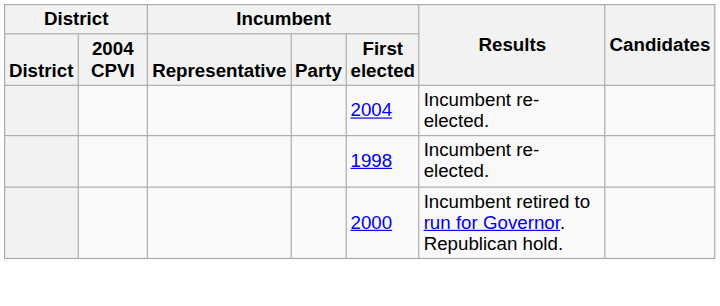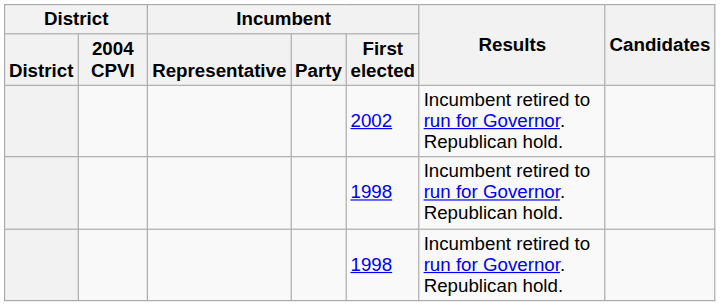 <table class="wikitable sortable">
 <tr>
 <th colspan=2>District</th>
 <th colspan=3>Incumbent</th>
 <th rowspan=2>Results</th>
 <th rowspan=2>Candidates</th>
 </tr>
 <tr valign=bottom>
 <th>District</th>
 <th>2004 CPVI</th>
 <th>Representative</th>
 <th>Party</th>
 <th>First<br>elected</th>
 </tr>
 <tr>
 <th></th>
 <td></td>
 <td></td>
 <td></td>
-<td><a href='#'>2004</a></td>
-<td>Incumbent re-elected.</td>
+<td><a href='#'>2002</a></td>
+<td>Incumbent retired to <a href='#'>run for Governor</a>.<br>Republican hold.</td>
 <td nowrap></td>
 </tr>
 <tr>
 <th></th>
 <td></td>
 <td></td>
 <td></td>
 <td><a href='#'>1998</a></td>
-<td>Incumbent re-elected.</td>
+<td>Incumbent retired to <a href='#'>run for Governor</a>.<br>Republican hold.</td>
 <td nowrap></td>
 </tr>
 <tr>
 <th></th>
 <td></td>
 <td></td>
 <td></td>
-<td><a href='#'>2000</a></td>
+<td><a href='#'>1998</a></td>
 <td>Incumbent retired to <a href='#'>run for Governor</a>.<br>Republican hold.</td>
 <td nowrap></td>
 </tr>
 </table>
